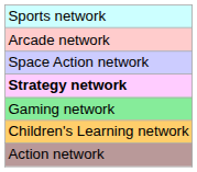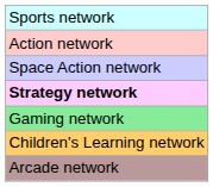 <table class="wikitable">
 <tr style="background:#cff;">
 <td>Sports network</td>
 </tr>
 <tr style="background:#fcc;">
-<td>Arcade network</td>
+<td>Action network</td>
 </tr>
 <tr style="background:#ccf;">
 <td>Space Action network</td>
 </tr>
 <tr style="background:#fcf;">
 <td><strong>Strategy network</strong></td>
 </tr>
 <tr style="background:#86ec9a">
 <td>Gaming network</td>
 </tr>
 <tr style="background:#FFCE6B">
 <td>Children's Learning network</td>
 </tr>
 <tr style="background:#B99999">
-<td>Action network</td>
+<td>Arcade network</td>
 </tr>
 </table>
